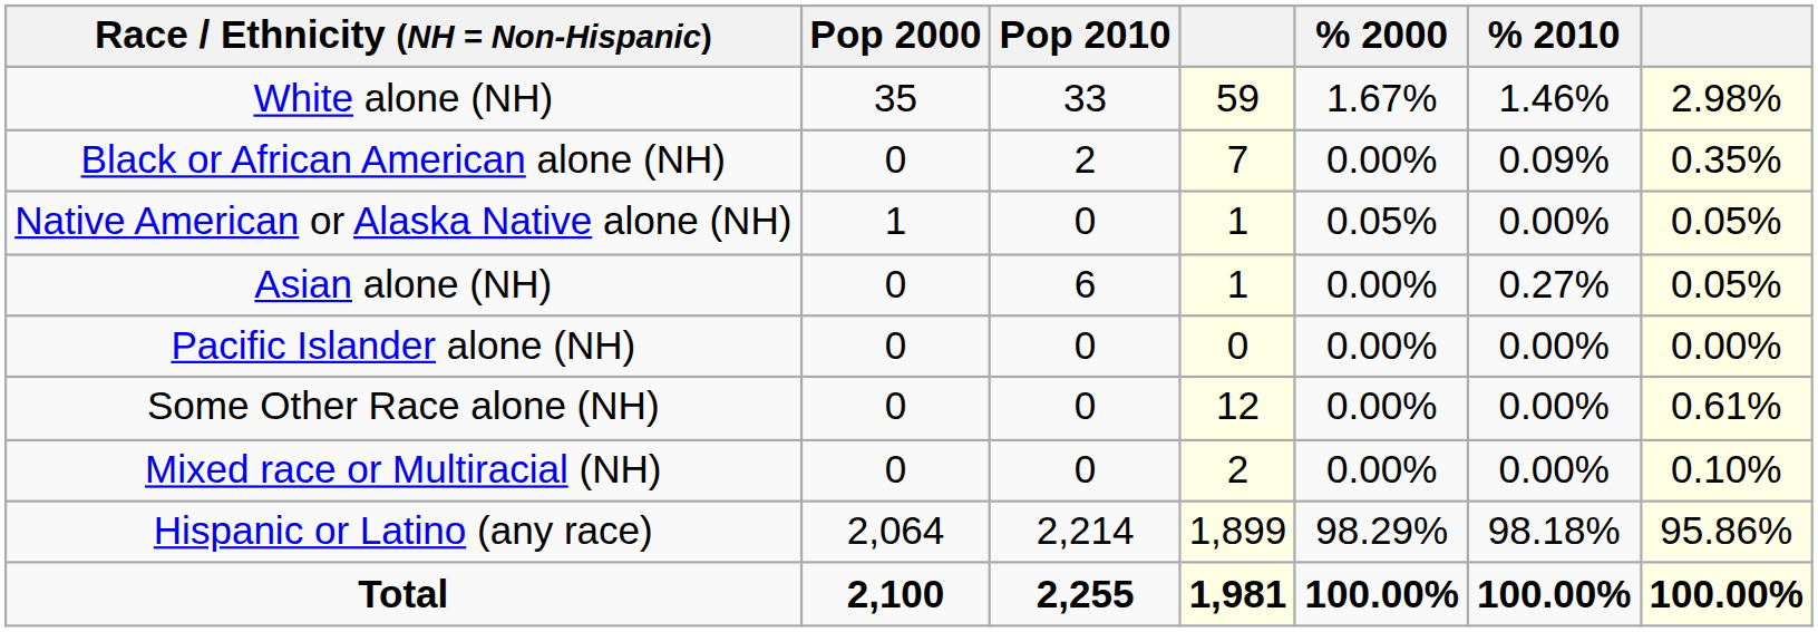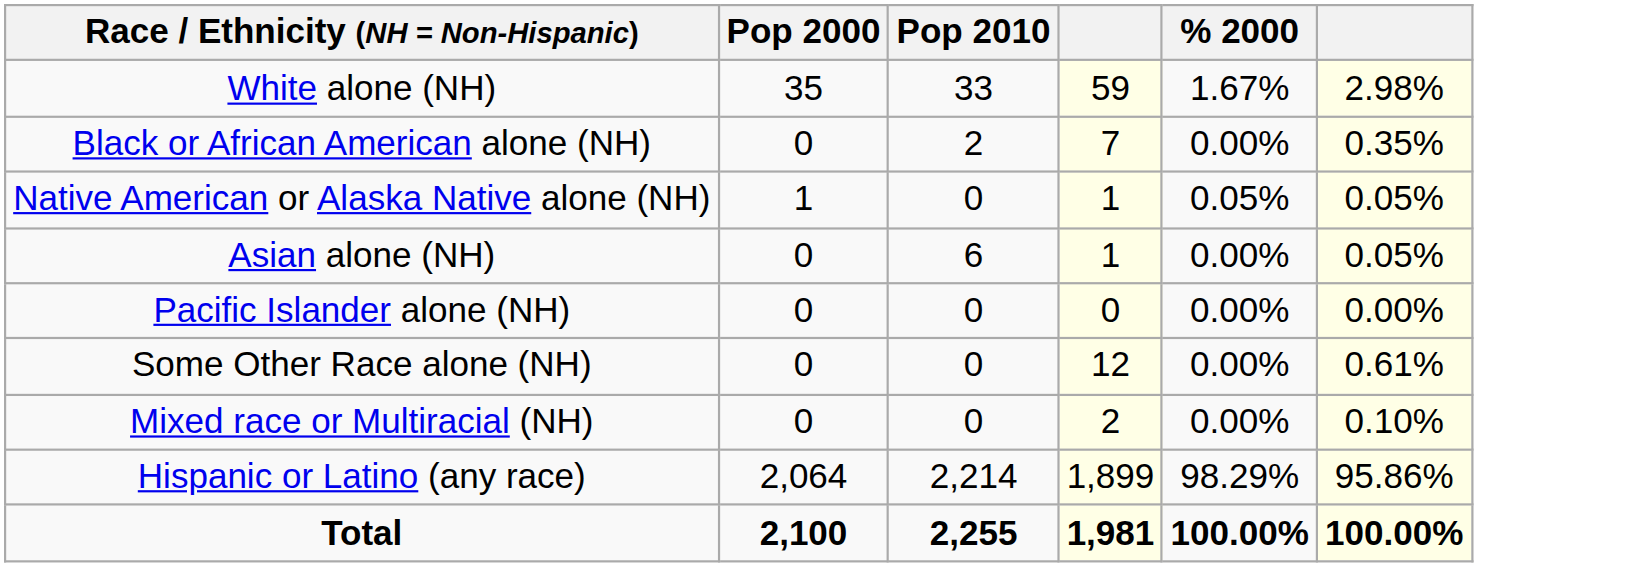 <table class="wikitable" style="text-align:center;">
 <tr>
 <th>Race / Ethnicity <small>(<em>NH = Non-Hispanic</em>)</small></th>
 <th>Pop 2000</th>
 <th>Pop 2010</th>
 <th></th>
 <th>% 2000</th>
-<th>% 2010</th>
 <th></th>
 </tr>
 <tr>
 <td><a href='#'>White</a> alone (NH)</td>
 <td>35</td>
 <td>33</td>
 <td style='background: #ffffe6;'>59</td>
 <td>1.67%</td>
-<td>1.46%</td>
 <td style='background: #ffffe6;'>2.98%</td>
 </tr>
 <tr>
 <td><a href='#'>Black or African American</a> alone (NH)</td>
 <td>0</td>
 <td>2</td>
 <td style='background: #ffffe6;'>7</td>
 <td>0.00%</td>
-<td>0.09%</td>
 <td style='background: #ffffe6;'>0.35%</td>
 </tr>
 <tr>
 <td><a href='#'>Native American</a> or <a href='#'>Alaska Native</a> alone (NH)</td>
 <td>1</td>
 <td>0</td>
 <td style='background: #ffffe6;'>1</td>
 <td>0.05%</td>
-<td>0.00%</td>
 <td style='background: #ffffe6;'>0.05%</td>
 </tr>
 <tr>
 <td><a href='#'>Asian</a> alone (NH)</td>
 <td>0</td>
 <td>6</td>
 <td style='background: #ffffe6;'>1</td>
 <td>0.00%</td>
-<td>0.27%</td>
 <td style='background: #ffffe6;'>0.05%</td>
 </tr>
 <tr>
 <td><a href='#'>Pacific Islander</a> alone (NH)</td>
 <td>0</td>
 <td>0</td>
 <td style='background: #ffffe6;'>0</td>
-<td>0.00%</td>
 <td>0.00%</td>
 <td style='background: #ffffe6;'>0.00%</td>
 </tr>
 <tr>
 <td>Some Other Race alone (NH)</td>
 <td>0</td>
 <td>0</td>
 <td style='background: #ffffe6;'>12</td>
 <td>0.00%</td>
-<td>0.00%</td>
 <td style='background: #ffffe6;'>0.61%</td>
 </tr>
 <tr>
 <td><a href='#'>Mixed race or Multiracial</a> (NH)</td>
 <td>0</td>
 <td>0</td>
 <td style='background: #ffffe6;'>2</td>
-<td>0.00%</td>
 <td>0.00%</td>
 <td style='background: #ffffe6;'>0.10%</td>
 </tr>
 <tr>
 <td><a href='#'>Hispanic or Latino</a> (any race)</td>
 <td>2,064</td>
 <td>2,214</td>
 <td style='background: #ffffe6;'>1,899</td>
 <td>98.29%</td>
-<td>98.18%</td>
 <td style='background: #ffffe6;'>95.86%</td>
 </tr>
 <tr>
 <td><strong>Total</strong></td>
 <td><strong>2,100 </strong></td>
 <td><strong>2,255 </strong></td>
 <td style='background: #ffffe6;'><strong>1,981</strong></td>
 <td><strong>100.00%</strong></td>
-<td><strong>100.00%</strong></td>
 <td style='background: #ffffe6;'><strong>100.00%</strong></td>
 </tr>
 </table>
